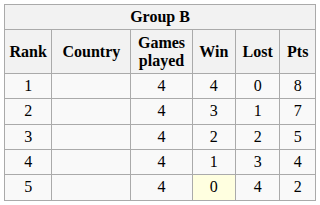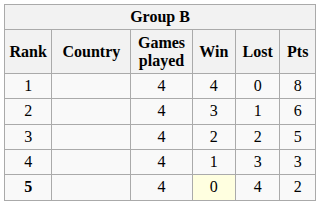 <table class="wikitable" style= "text-align: center; Width:50%">
 <tr>
 <th colspan= 6>Group B</th>
 </tr>
 <tr>
 <th width=2%>Rank</th>
 <th width=10%>Country</th>
 <th width=5%>Games <br> played</th>
 <th width=5%>Win</th>
 <th width=5%>Lost</th>
 <th width=5%>Pts</th>
 </tr>
 <tr>
 <td>1</td>
 <td style= "text-align: left"></td>
 <td>4</td>
 <td>4</td>
 <td>0</td>
 <td>8</td>
 </tr>
 <tr>
 <td>2</td>
 <td style= "text-align: left"></td>
 <td>4</td>
 <td>3</td>
 <td>1</td>
-<td>7</td>
+<td>6</td>
 </tr>
 <tr>
 <td>3</td>
 <td style= "text-align: left"></td>
 <td>4</td>
 <td>2</td>
 <td>2</td>
 <td>5</td>
 </tr>
 <tr>
 <td>4</td>
 <td style= "text-align: left"></td>
 <td>4</td>
 <td>1</td>
 <td>3</td>
-<td>4</td>
+<td>3</td>
 </tr>
 <tr>
-<td>5</td>
+<td><strong>5</strong></td>
 <td style= "text-align: left"></td>
 <td>4</td>
 <td style="background: lightyellow;">0</td>
 <td>4</td>
 <td>2</td>
 </tr>
 </table>
